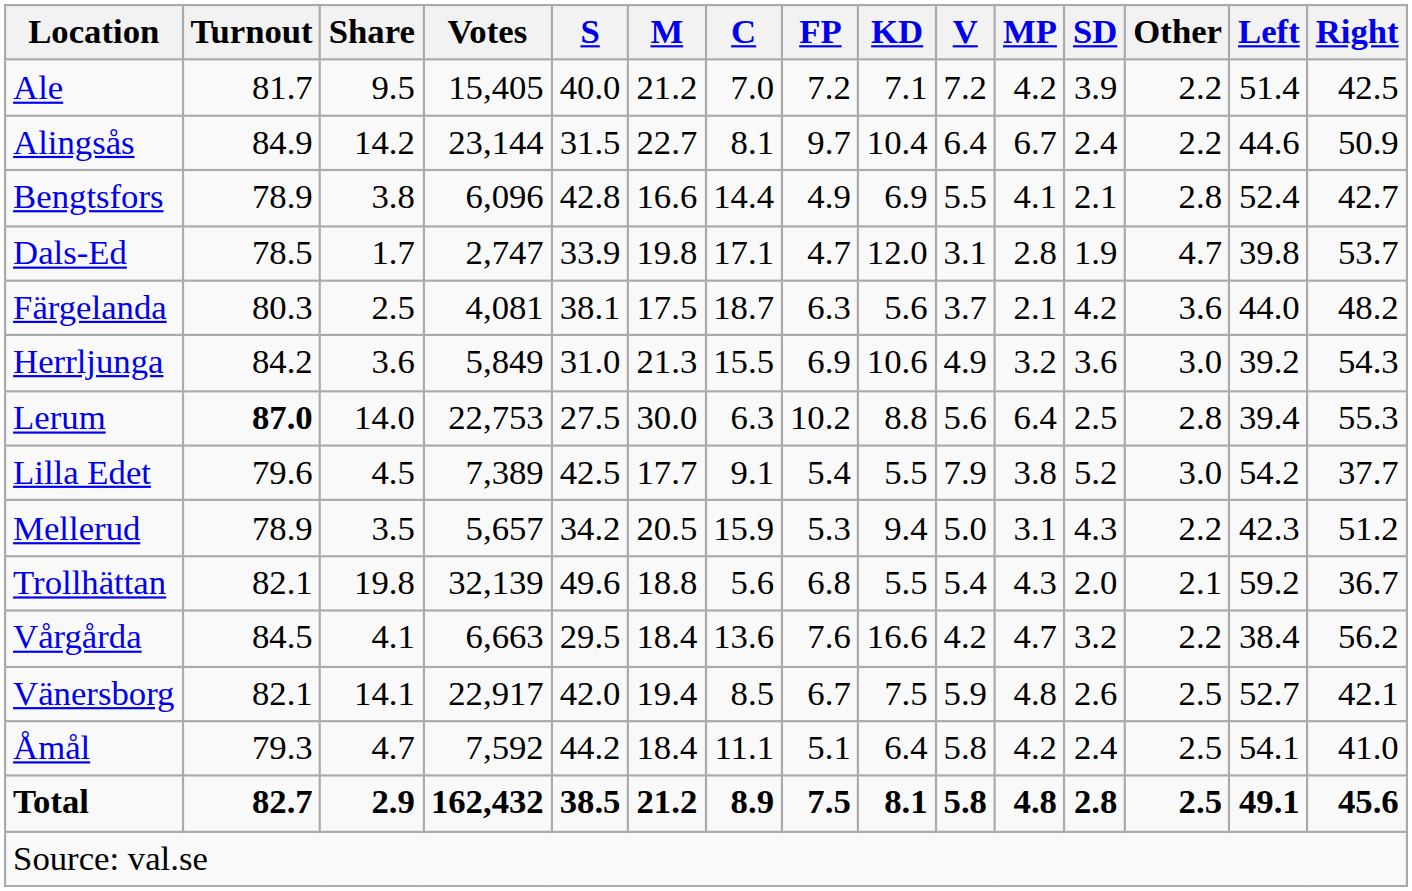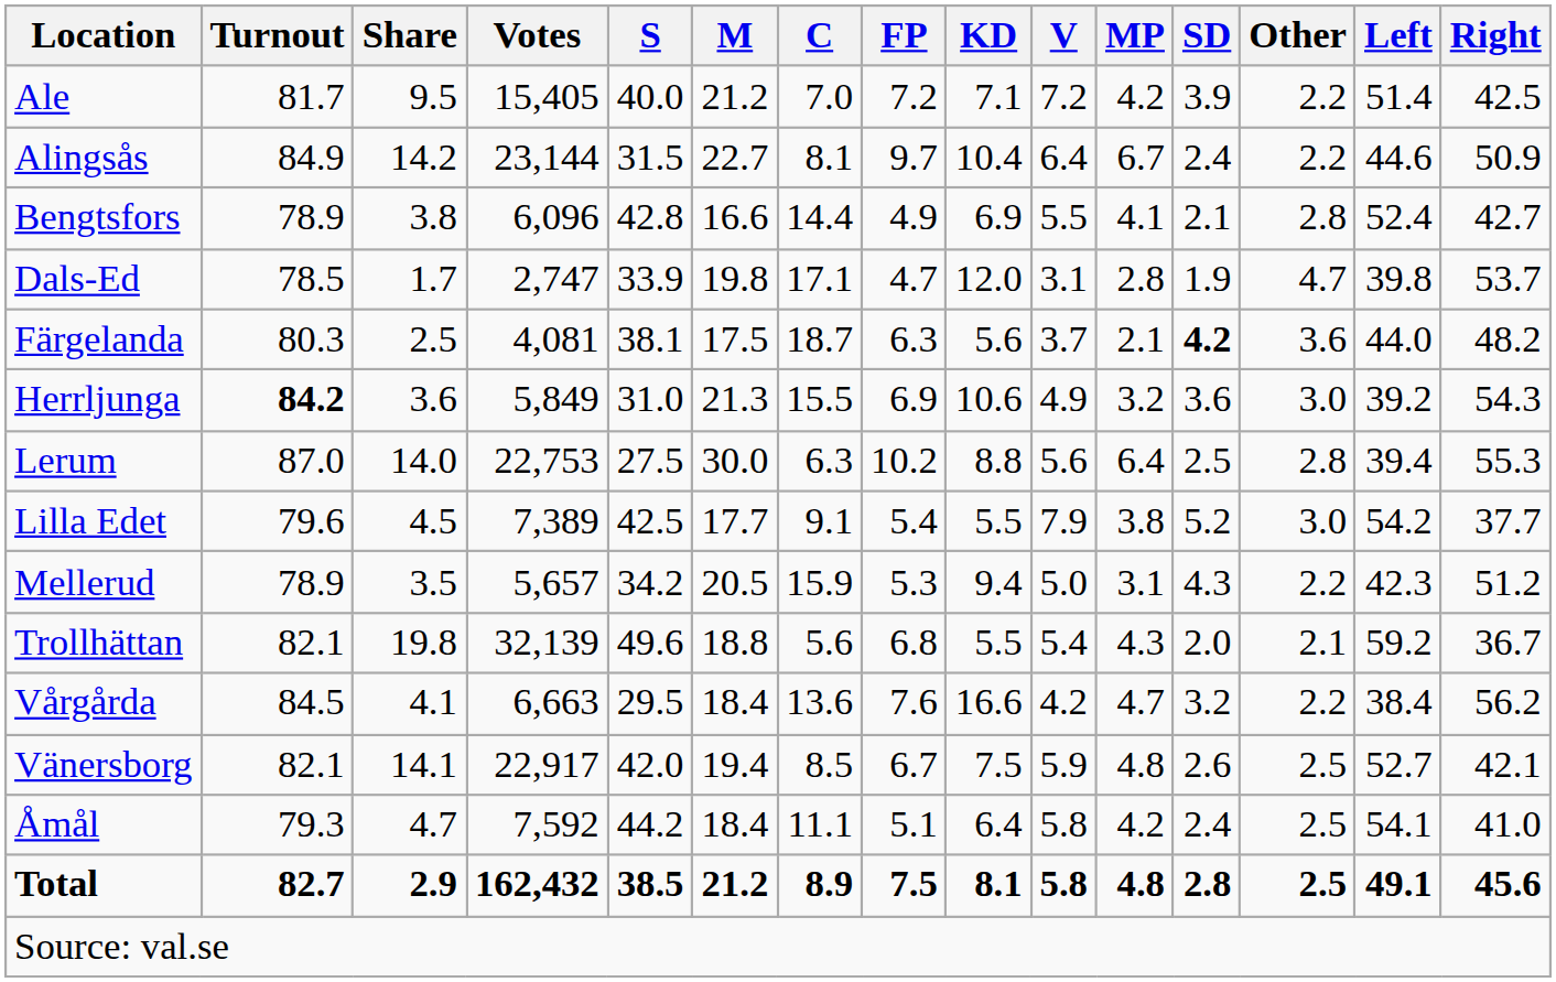 <table class="wikitable sortable" style=text-align:right>
 <tr>
 <th>Location</th>
 <th>Turnout</th>
 <th>Share</th>
 <th>Votes</th>
 <th><a href='#'>S</a></th>
 <th><a href='#'>M</a></th>
 <th><a href='#'>C</a></th>
 <th><a href='#'>FP</a></th>
 <th><a href='#'>KD</a></th>
 <th><a href='#'>V</a></th>
 <th><a href='#'>MP</a></th>
 <th><a href='#'>SD</a></th>
 <th>Other</th>
 <th><a href='#'>Left</a></th>
 <th><a href='#'>Right</a></th>
 </tr>
 <tr>
 <td align=left><a href='#'>Ale</a></td>
 <td>81.7</td>
 <td>9.5</td>
 <td>15,405</td>
 <td>40.0</td>
 <td>21.2</td>
 <td>7.0</td>
 <td>7.2</td>
 <td>7.1</td>
 <td>7.2</td>
 <td>4.2</td>
 <td>3.9</td>
 <td>2.2</td>
 <td>51.4</td>
 <td>42.5</td>
 </tr>
 <tr>
 <td align=left><a href='#'>Alingsås</a></td>
 <td>84.9</td>
 <td>14.2</td>
 <td>23,144</td>
 <td>31.5</td>
 <td>22.7</td>
 <td>8.1</td>
 <td>9.7</td>
 <td>10.4</td>
 <td>6.4</td>
 <td>6.7</td>
 <td>2.4</td>
 <td>2.2</td>
 <td>44.6</td>
 <td>50.9</td>
 </tr>
 <tr>
 <td align=left><a href='#'>Bengtsfors</a></td>
 <td>78.9</td>
 <td>3.8</td>
 <td>6,096</td>
 <td>42.8</td>
 <td>16.6</td>
 <td>14.4</td>
 <td>4.9</td>
 <td>6.9</td>
 <td>5.5</td>
 <td>4.1</td>
 <td>2.1</td>
 <td>2.8</td>
 <td>52.4</td>
 <td>42.7</td>
 </tr>
 <tr>
 <td align=left><a href='#'>Dals-Ed</a></td>
 <td>78.5</td>
 <td>1.7</td>
 <td>2,747</td>
 <td>33.9</td>
 <td>19.8</td>
 <td>17.1</td>
 <td>4.7</td>
 <td>12.0</td>
 <td>3.1</td>
 <td>2.8</td>
 <td>1.9</td>
 <td>4.7</td>
 <td>39.8</td>
 <td>53.7</td>
 </tr>
 <tr>
 <td align=left><a href='#'>Färgelanda</a></td>
 <td>80.3</td>
 <td>2.5</td>
 <td>4,081</td>
 <td>38.1</td>
 <td>17.5</td>
 <td>18.7</td>
 <td>6.3</td>
 <td>5.6</td>
 <td>3.7</td>
 <td>2.1</td>
-<td>4.2</td>
+<td><strong>4.2</strong></td>
 <td>3.6</td>
 <td>44.0</td>
 <td>48.2</td>
 </tr>
 <tr>
 <td align=left><a href='#'>Herrljunga</a></td>
-<td>84.2</td>
+<td><strong>84.2</strong></td>
 <td>3.6</td>
 <td>5,849</td>
 <td>31.0</td>
 <td>21.3</td>
 <td>15.5</td>
 <td>6.9</td>
 <td>10.6</td>
 <td>4.9</td>
 <td>3.2</td>
 <td>3.6</td>
 <td>3.0</td>
 <td>39.2</td>
 <td>54.3</td>
 </tr>
 <tr>
 <td align=left><a href='#'>Lerum</a></td>
-<td><strong>87.0</strong></td>
+<td>87.0</td>
 <td>14.0</td>
 <td>22,753</td>
 <td>27.5</td>
 <td>30.0</td>
 <td>6.3</td>
 <td>10.2</td>
 <td>8.8</td>
 <td>5.6</td>
 <td>6.4</td>
 <td>2.5</td>
 <td>2.8</td>
 <td>39.4</td>
 <td>55.3</td>
 </tr>
 <tr>
 <td align=left><a href='#'>Lilla Edet</a></td>
 <td>79.6</td>
 <td>4.5</td>
 <td>7,389</td>
 <td>42.5</td>
 <td>17.7</td>
 <td>9.1</td>
 <td>5.4</td>
 <td>5.5</td>
 <td>7.9</td>
 <td>3.8</td>
 <td>5.2</td>
 <td>3.0</td>
 <td>54.2</td>
 <td>37.7</td>
 </tr>
 <tr>
 <td align=left><a href='#'>Mellerud</a></td>
 <td>78.9</td>
 <td>3.5</td>
 <td>5,657</td>
 <td>34.2</td>
 <td>20.5</td>
 <td>15.9</td>
 <td>5.3</td>
 <td>9.4</td>
 <td>5.0</td>
 <td>3.1</td>
 <td>4.3</td>
 <td>2.2</td>
 <td>42.3</td>
 <td>51.2</td>
 </tr>
 <tr>
 <td align=left><a href='#'>Trollhättan</a></td>
 <td>82.1</td>
 <td>19.8</td>
 <td>32,139</td>
 <td>49.6</td>
 <td>18.8</td>
 <td>5.6</td>
 <td>6.8</td>
 <td>5.5</td>
 <td>5.4</td>
 <td>4.3</td>
 <td>2.0</td>
 <td>2.1</td>
 <td>59.2</td>
 <td>36.7</td>
 </tr>
 <tr>
 <td align=left><a href='#'>Vårgårda</a></td>
 <td>84.5</td>
 <td>4.1</td>
 <td>6,663</td>
 <td>29.5</td>
 <td>18.4</td>
 <td>13.6</td>
 <td>7.6</td>
 <td>16.6</td>
 <td>4.2</td>
 <td>4.7</td>
 <td>3.2</td>
 <td>2.2</td>
 <td>38.4</td>
 <td>56.2</td>
 </tr>
 <tr>
 <td align=left><a href='#'>Vänersborg</a></td>
 <td>82.1</td>
 <td>14.1</td>
 <td>22,917</td>
 <td>42.0</td>
 <td>19.4</td>
 <td>8.5</td>
 <td>6.7</td>
 <td>7.5</td>
 <td>5.9</td>
 <td>4.8</td>
 <td>2.6</td>
 <td>2.5</td>
 <td>52.7</td>
 <td>42.1</td>
 </tr>
 <tr>
 <td align=left><a href='#'>Åmål</a></td>
 <td>79.3</td>
 <td>4.7</td>
 <td>7,592</td>
 <td>44.2</td>
 <td>18.4</td>
 <td>11.1</td>
 <td>5.1</td>
 <td>6.4</td>
 <td>5.8</td>
 <td>4.2</td>
 <td>2.4</td>
 <td>2.5</td>
 <td>54.1</td>
 <td>41.0</td>
 </tr>
 <tr>
 <td align=left><strong>Total</strong></td>
 <td><strong>82.7</strong></td>
 <td><strong>2.9</strong></td>
 <td><strong>162,432</strong></td>
 <td><strong>38.5</strong></td>
 <td><strong>21.2</strong></td>
 <td><strong>8.9</strong></td>
 <td><strong>7.5</strong></td>
 <td><strong>8.1</strong></td>
 <td><strong>5.8</strong></td>
 <td><strong>4.8</strong></td>
 <td><strong>2.8</strong></td>
 <td><strong>2.5</strong></td>
 <td><strong>49.1</strong></td>
 <td><strong>45.6</strong></td>
 </tr>
 <tr>
 <td align=left colspan=15>Source: val.se </td>
 </tr>
 </table>
